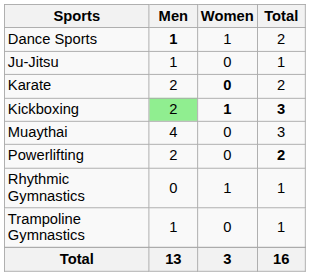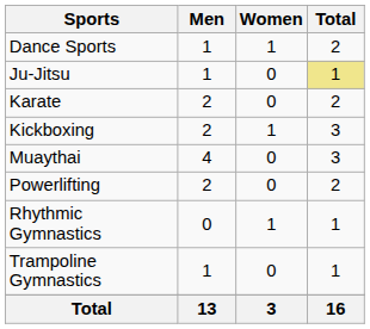 <table class="wikitable sortable" style="text-align:center;">
 <tr>
 <th width=150>Sports</th>
 <th width=45>Men</th>
 <th width=45>Women</th>
 <th width=45>Total</th>
 </tr>
 <tr>
 <td align=left>Dance Sports</td>
-<td><strong>1</strong></td>
+<td>1</td>
 <td>1</td>
 <td>2</td>
 </tr>
 <tr>
 <td align=left>Ju-Jitsu</td>
 <td>1</td>
 <td>0</td>
-<td>1</td>
+<td style="background: khaki;">1</td>
 </tr>
 <tr>
 <td align=left>Karate</td>
 <td>2</td>
-<td><strong>0</strong></td>
+<td>0</td>
 <td>2</td>
 </tr>
 <tr>
 <td align=left>Kickboxing</td>
-<td style="background: lightgreen;">2</td>
-<td><strong>1</strong></td>
-<td><strong>3</strong></td>
+<td>2</td>
+<td>1</td>
+<td>3</td>
 </tr>
 <tr>
 <td align=left>Muaythai</td>
 <td>4</td>
 <td>0</td>
 <td>3</td>
 </tr>
 <tr>
 <td align=left>Powerlifting</td>
 <td>2</td>
 <td>0</td>
-<td><strong>2</strong></td>
+<td>2</td>
 </tr>
 <tr>
 <td align=left>Rhythmic Gymnastics</td>
 <td>0</td>
 <td>1</td>
 <td>1</td>
 </tr>
 <tr>
 <td align=left>Trampoline Gymnastics</td>
 <td>1</td>
 <td>0</td>
 <td>1</td>
 </tr>
 <tr>
 </tr>
 <tr class="sortbottom">
 <th>Total</th>
 <th>13</th>
 <th>3</th>
 <th>16</th>
 </tr>
 </table>
